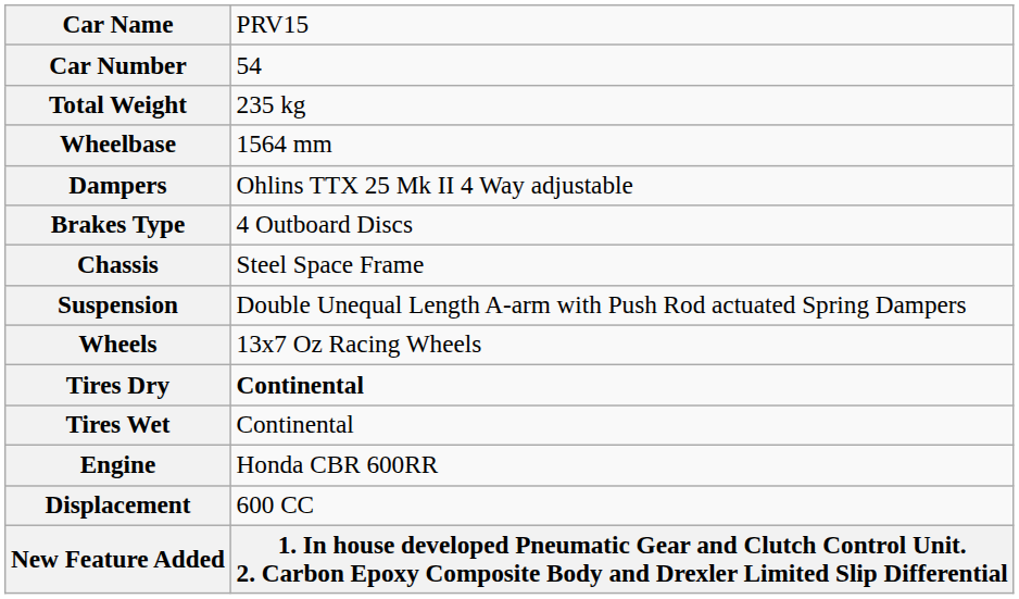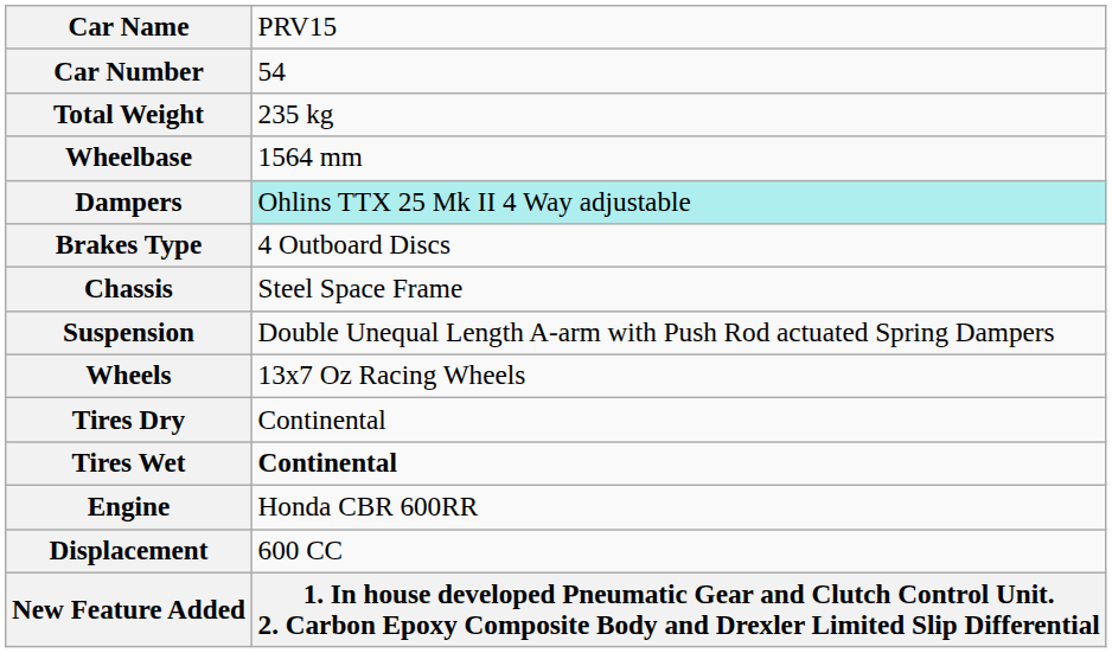 <table class="wikitable">
 <tr style="vertical-align: top">
 <th>Car Name</th>
 <td>PRV15</td>
 </tr>
 <tr style="vertical-align: top">
 <th>Car Number</th>
 <td>54</td>
 </tr>
 <tr style="vertical-align: top">
 <th>Total Weight</th>
 <td>235 kg</td>
 </tr>
 <tr style="vertical-align: top">
 <th>Wheelbase</th>
 <td>1564 mm</td>
 </tr>
 <tr style="vertical-align: top">
 <th>Dampers</th>
-<td>Ohlins TTX 25 Mk II 4 Way adjustable</td>
+<td style="background: paleturquoise;">Ohlins TTX 25 Mk II 4 Way adjustable</td>
 </tr>
 <tr style="vertical-align: top">
 <th>Brakes Type</th>
 <td>4 Outboard Discs</td>
 </tr>
 <tr style="vertical-align: top">
 <th>Chassis</th>
 <td>Steel Space Frame</td>
 </tr>
 <tr style="vertical-align: top">
 <th>Suspension</th>
 <td>Double Unequal Length A-arm with Push Rod actuated Spring Dampers</td>
 </tr>
 <tr style="vertical-align: top">
 <th>Wheels</th>
 <td>13x7 Oz Racing Wheels</td>
 </tr>
 <tr style="vertical-align: top">
 <th>Tires Dry</th>
-<td><strong>Continental</strong></td>
+<td>Continental</td>
 </tr>
 <tr style="vertical-align: top">
 <th>Tires Wet</th>
-<td>Continental</td>
+<td><strong>Continental</strong></td>
 </tr>
 <tr style="vertical-align: top">
 <th>Engine</th>
 <td>Honda CBR 600RR</td>
 </tr>
 <tr>
 <th>Displacement</th>
 <td>600 CC</td>
 </tr>
 <tr>
 <th>New Feature Added</th>
 <th>1. In house developed Pneumatic Gear and Clutch Control Unit.<br>2. Carbon Epoxy Composite Body and Drexler Limited Slip Differential</th>
 </tr>
 </table>
